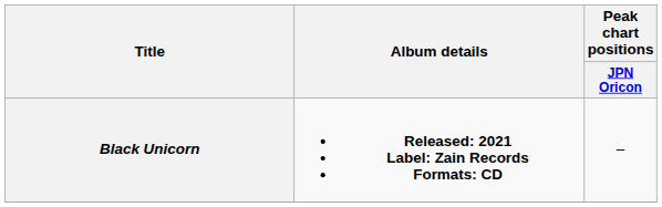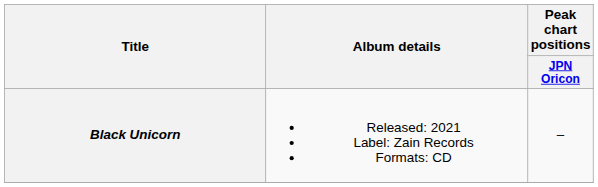 <table class="wikitable plainrowheaders" style="text-align:center;">
 <tr>
 <th scope="col" rowspan="2" style="width:19em;">Title</th>
 <th scope="col" rowspan="2" style="width:19em;">Album details</th>
 <th scope="col">Peak<br>chart<br>positions</th>
 </tr>
 <tr>
 <th scope="col" style="width:2.9em;font-size:90%;"><a href='#'>JPN<br>Oricon</a><br></th>
 </tr>
 <tr>
 <th scope="row"><em>Black Unicorn</em></th>
-<td><strong><br><ul><li>Released: 2021</li><li>Label: Zain Records</li><li>Formats: CD</li></ul></strong></td>
+<td><br><ul><li>Released: 2021</li><li>Label: Zain Records</li><li>Formats: CD</li></ul></td>
 <td>–</td>
 </tr>
 <tr>
 </tr>
 </table>
